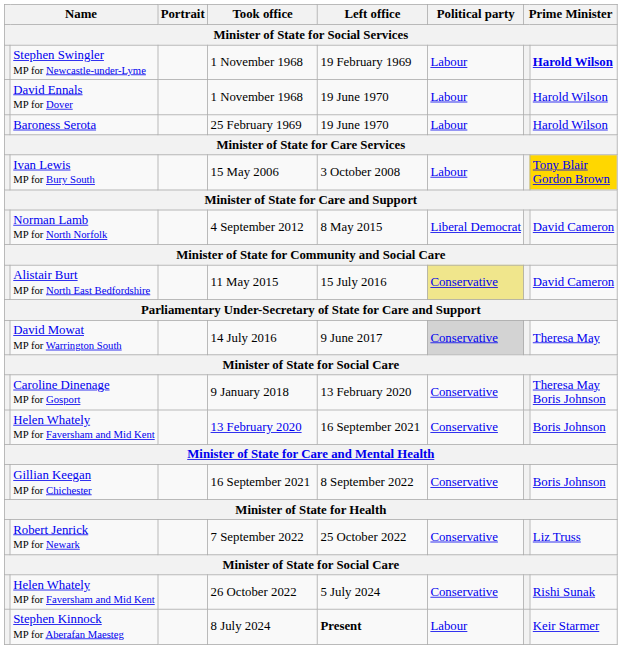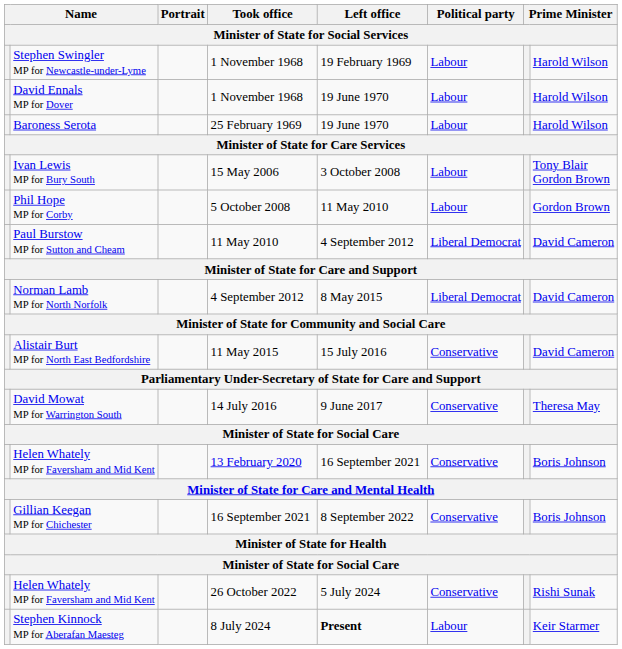 <table class="wikitable">
 <tr>
 <th colspan="2">Name</th>
 <th>Portrait</th>
 <th width="130">Took office</th>
 <th width="130">Left office</th>
 <th>Political party</th>
 <th colspan="2">Prime Minister</th>
 </tr>
 <tr>
 <th colspan="8"><strong>Minister of State for Social Services</strong></th>
 </tr>
 <tr>
 <th style="background-color: "></th>
 <td><a href='#'>Stephen Swingler</a><br><small>MP for <a href='#'>Newcastle-under-Lyme</a></small></td>
 <td></td>
 <td>1 November 1968</td>
 <td>19 February 1969</td>
 <td><a href='#'>Labour</a></td>
 <th style="background-color: "></th>
-<td><strong><a href='#'>Harold Wilson</a></strong></td>
+<td><a href='#'>Harold Wilson</a></td>
 </tr>
 <tr>
 <th style="background-color: "></th>
 <td><a href='#'>David Ennals</a><br><small>MP for <a href='#'>Dover</a></small></td>
 <td></td>
 <td>1 November 1968</td>
 <td>19 June 1970</td>
 <td><a href='#'>Labour</a></td>
 <th style="background-color: "></th>
 <td><a href='#'>Harold Wilson</a></td>
 </tr>
 <tr>
 <th style="background-color: "></th>
 <td><a href='#'>Baroness Serota</a></td>
 <td></td>
 <td>25 February 1969</td>
 <td>19 June 1970</td>
 <td><a href='#'>Labour</a></td>
 <th style="background-color: "></th>
 <td><a href='#'>Harold Wilson</a></td>
 </tr>
 <tr>
 <th colspan="8">Minister of State for Care Services</th>
 </tr>
 <tr>
 <th style="background-color: "></th>
 <td><a href='#'>Ivan Lewis</a><br><small>MP for <a href='#'>Bury South</a></small></td>
 <td></td>
 <td>15 May 2006</td>
 <td>3 October 2008</td>
 <td><a href='#'>Labour</a></td>
 <th style="background-color: "></th>
-<td style="background: gold;"><a href='#'>Tony Blair</a> <br><a href='#'>Gordon Brown</a> </td>
+<td><a href='#'>Tony Blair</a> <br><a href='#'>Gordon Brown</a> </td>
+</tr>
+<tr>
+<th style="background-color: "></th>
+<td><a href='#'>Phil Hope</a><br><small>MP for <a href='#'>Corby</a></small></td>
+<td></td>
+<td>5 October 2008</td>
+<td>11 May 2010</td>
+<td><a href='#'>Labour</a></td>
+<th style="background-color: "></th>
+<td><a href='#'>Gordon Brown</a></td>
+</tr>
+<tr>
+<th style="background-color: "></th>
+<td><a href='#'>Paul Burstow</a><br><small>MP for <a href='#'>Sutton and Cheam</a></small></td>
+<td></td>
+<td>11 May 2010</td>
+<td>4 September 2012</td>
+<td><a href='#'>Liberal Democrat</a></td>
+<th style="background-color: "></th>
+<td><a href='#'>David Cameron</a></td>
 </tr>
 <tr>
 <th colspan="8">Minister of State for Care and Support</th>
 </tr>
 <tr>
 <th style="background-color: "></th>
 <td><a href='#'>Norman Lamb</a><br><small>MP for <a href='#'>North Norfolk</a></small></td>
 <td></td>
 <td>4 September 2012</td>
 <td>8 May 2015</td>
 <td><a href='#'>Liberal Democrat</a></td>
 <th style="background-color: "></th>
 <td><a href='#'>David Cameron</a></td>
 </tr>
 <tr>
 <th colspan="8">Minister of State for Community and Social Care</th>
 </tr>
 <tr>
 <th style="background-color: "></th>
 <td><a href='#'>Alistair Burt</a><br><small>MP for <a href='#'>North East Bedfordshire</a></small></td>
 <td></td>
 <td>11 May 2015</td>
 <td>15 July 2016</td>
-<td style="background: khaki;"><a href='#'>Conservative</a></td>
+<td><a href='#'>Conservative</a></td>
 <th style="background-color: "></th>
 <td><a href='#'>David Cameron</a></td>
 </tr>
 <tr>
 <th colspan="8">Parliamentary Under-Secretary of State for Care and Support</th>
 </tr>
 <tr>
 <th style="background-color: "></th>
 <td><a href='#'>David Mowat</a><br><small>MP for <a href='#'>Warrington South</a></small></td>
 <td></td>
 <td>14 July 2016</td>
 <td>9 June 2017</td>
-<td style="background: lightgrey;"><a href='#'>Conservative</a></td>
+<td><a href='#'>Conservative</a></td>
 <th style="background-color: "></th>
 <td><a href='#'>Theresa May</a></td>
 </tr>
 <tr>
 <th colspan="8">Minister of State for Social Care</th>
-</tr>
-<tr>
-<th style="background-color: "></th>
-<td><a href='#'>Caroline Dinenage</a><br><small>MP for <a href='#'>Gosport</a></small></td>
-<td></td>
-<td>9 January 2018</td>
-<td>13 February 2020</td>
-<td><a href='#'>Conservative</a></td>
-<th style="background-color: "></th>
-<td><a href='#'>Theresa May</a> <br><a href='#'>Boris Johnson</a> </td>
 </tr>
 <tr>
 <th style="background-color: "></th>
 <td><a href='#'>Helen Whately</a><br><small>MP for <a href='#'>Faversham and Mid Kent</a></small></td>
 <td></td>
 <td><a href='#'>13 February 2020</a></td>
 <td>16 September 2021</td>
 <td><a href='#'>Conservative</a></td>
 <th style="background-color: "></th>
 <td><a href='#'>Boris Johnson</a></td>
 </tr>
 <tr>
 <th colspan="8"><a href='#'>Minister of State for Care and Mental Health</a></th>
 </tr>
 <tr>
 <th style="background-color: "></th>
 <td><a href='#'>Gillian Keegan</a><br><small>MP for <a href='#'>Chichester</a></small></td>
 <td></td>
 <td>16 September 2021</td>
 <td>8 September 2022</td>
 <td><a href='#'>Conservative</a></td>
 <th style="background-color: "></th>
 <td><a href='#'>Boris Johnson</a></td>
 </tr>
 <tr>
 <th colspan="8">Minister of State for Health</th>
 </tr>
 <tr>
-<th style="background-color: "></th>
-<td><a href='#'>Robert Jenrick</a><br><small>MP for <a href='#'>Newark</a></small></td>
-<td></td>
-<td>7 September 2022</td>
-<td>25 October 2022</td>
-<td><a href='#'>Conservative</a></td>
-<th style="background-color: "></th>
-<td><a href='#'>Liz Truss</a></td>
-</tr>
-<tr>
 <th colspan="8">Minister of State for Social Care</th>
 </tr>
 <tr>
 <th style="background-color: "></th>
 <td><a href='#'>Helen Whately</a><br><small>MP for <a href='#'>Faversham and Mid Kent</a></small></td>
 <td></td>
 <td>26 October 2022</td>
 <td>5 July 2024</td>
 <td><a href='#'>Conservative</a></td>
 <th style="background-color: "></th>
 <td><a href='#'>Rishi Sunak</a></td>
 </tr>
 <tr>
 <th style="background-color: "></th>
 <td><a href='#'>Stephen Kinnock</a><br><small>MP for <a href='#'>Aberafan Maesteg</a></small></td>
 <td></td>
 <td>8 July 2024</td>
 <td><strong>Present</strong></td>
 <td><a href='#'>Labour</a></td>
 <th style="background-color: "></th>
 <td><a href='#'>Keir Starmer</a></td>
 </tr>
 </table>
